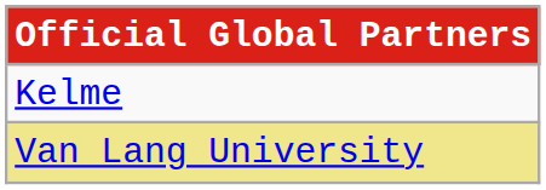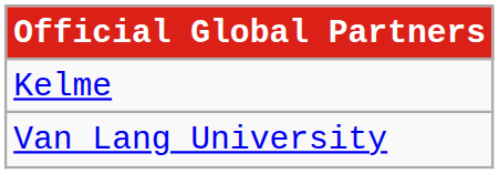 <table class="wikitable sortable" style="text-align:left;">
 <tr>
 <th style="background-color:#DB2017;color:white;">Official Global Partners</th>
 </tr>
 <tr>
 <td> <a href='#'>Kelme</a></td>
 </tr>
 <tr>
-<td style="background: khaki;"> <a href='#'>Van Lang University</a></td>
+<td> <a href='#'>Van Lang University</a></td>
 </tr>
 </table>
